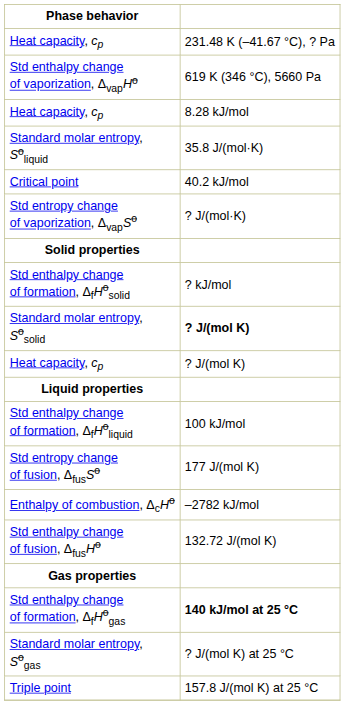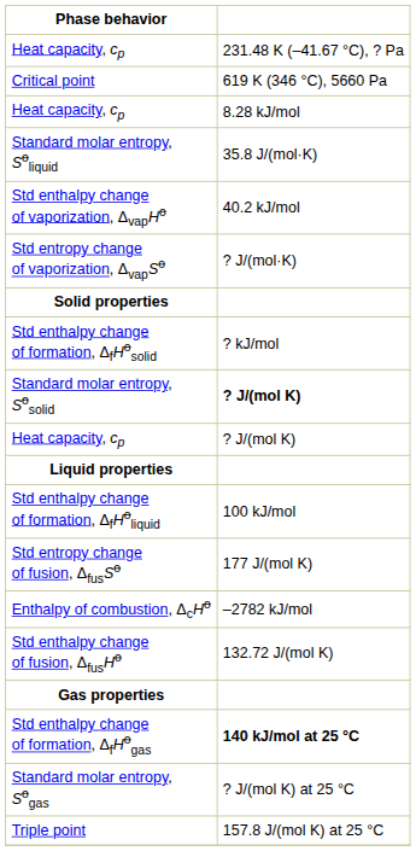 <table border="1" cellspacing="0" cellpadding="6" style="margin: 0 0 0 0.5em; background: #FFFFFF; border-collapse: collapse; border-color: #C0C090;">
 <tr>
 <th>Phase behavior</th>
 </tr>
 <tr>
 <td><a href='#'>Heat capacity</a>, <em>c<sub>p</sub></em></td>
 <td>231.48 K (–41.67 °C), ? Pa</td>
 </tr>
 <tr>
-<td><a href='#'>Std enthalpy change<br>of vaporization</a>, Δ<sub>vap</sub><em>H</em><sup><s>o</s></sup></td>
+<td><a href='#'>Critical point</a></td>
 <td>619 K (346 °C), 5660 Pa</td>
 </tr>
 <tr>
 <td><a href='#'>Heat capacity</a>, <em>c<sub>p</sub></em></td>
 <td>8.28 kJ/mol</td>
 </tr>
 <tr>
 <td><a href='#'>Standard molar entropy</a>,<br><em>S</em><sup><s>o</s></sup><sub>liquid</sub></td>
 <td>35.8 J/(mol·K)</td>
 </tr>
 <tr>
-<td><a href='#'>Critical point</a></td>
+<td><a href='#'>Std enthalpy change<br>of vaporization</a>, Δ<sub>vap</sub><em>H</em><sup><s>o</s></sup></td>
 <td>40.2 kJ/mol</td>
 </tr>
 <tr>
 <td><a href='#'>Std entropy change<br>of vaporization</a>, Δ<sub>vap</sub><em>S</em><sup><s>o</s></sup></td>
 <td>? J/(mol·K)</td>
 </tr>
 <tr>
 <th>Solid properties</th>
 </tr>
 <tr>
 <td><a href='#'>Std enthalpy change<br>of formation</a>, Δ<sub>f</sub><em>H</em><sup><s>o</s></sup><sub>solid</sub></td>
 <td>? kJ/mol</td>
 </tr>
 <tr>
 <td><a href='#'>Standard molar entropy</a>,<br><em>S</em><sup><s>o</s></sup><sub>solid</sub></td>
 <td><strong>? J/(mol K)</strong></td>
 </tr>
 <tr>
 <td><a href='#'>Heat capacity</a>, <em>c<sub>p</sub></em></td>
 <td>? J/(mol K)</td>
 </tr>
 <tr>
 <th>Liquid properties</th>
 </tr>
 <tr>
 <td><a href='#'>Std enthalpy change<br>of formation</a>, Δ<sub>f</sub><em>H</em><sup><s>o</s></sup><sub>liquid</sub></td>
 <td>100 kJ/mol</td>
 </tr>
 <tr>
 <td><a href='#'>Std entropy change<br>of fusion</a>, Δ<sub>fus</sub><em>S</em><sup><s>o</s></sup></td>
 <td>177 J/(mol K)</td>
 </tr>
 <tr>
 <td><a href='#'>Enthalpy of combustion</a>, Δ<sub>c</sub><em>H</em><sup><s>o</s></sup></td>
 <td>–2782 kJ/mol</td>
 </tr>
 <tr>
 <td><a href='#'>Std enthalpy change<br>of fusion</a>, Δ<sub>fus</sub><em>H</em><sup><s>o</s></sup></td>
 <td>132.72 J/(mol K)</td>
 </tr>
 <tr>
 <th>Gas properties</th>
 </tr>
 <tr>
 <td><a href='#'>Std enthalpy change<br>of formation</a>, Δ<sub>f</sub><em>H</em><sup><s>o</s></sup><sub>gas</sub></td>
 <td><strong>140 kJ/mol at 25 °C</strong></td>
 </tr>
 <tr>
 <td><a href='#'>Standard molar entropy</a>,<br><em>S</em><sup><s>o</s></sup><sub>gas</sub></td>
 <td>? J/(mol K) at 25 °C</td>
 </tr>
 <tr>
 <td><a href='#'>Triple point</a></td>
 <td>157.8 J/(mol K) at 25 °C</td>
 </tr>
 <tr>
 </tr>
 </table>
